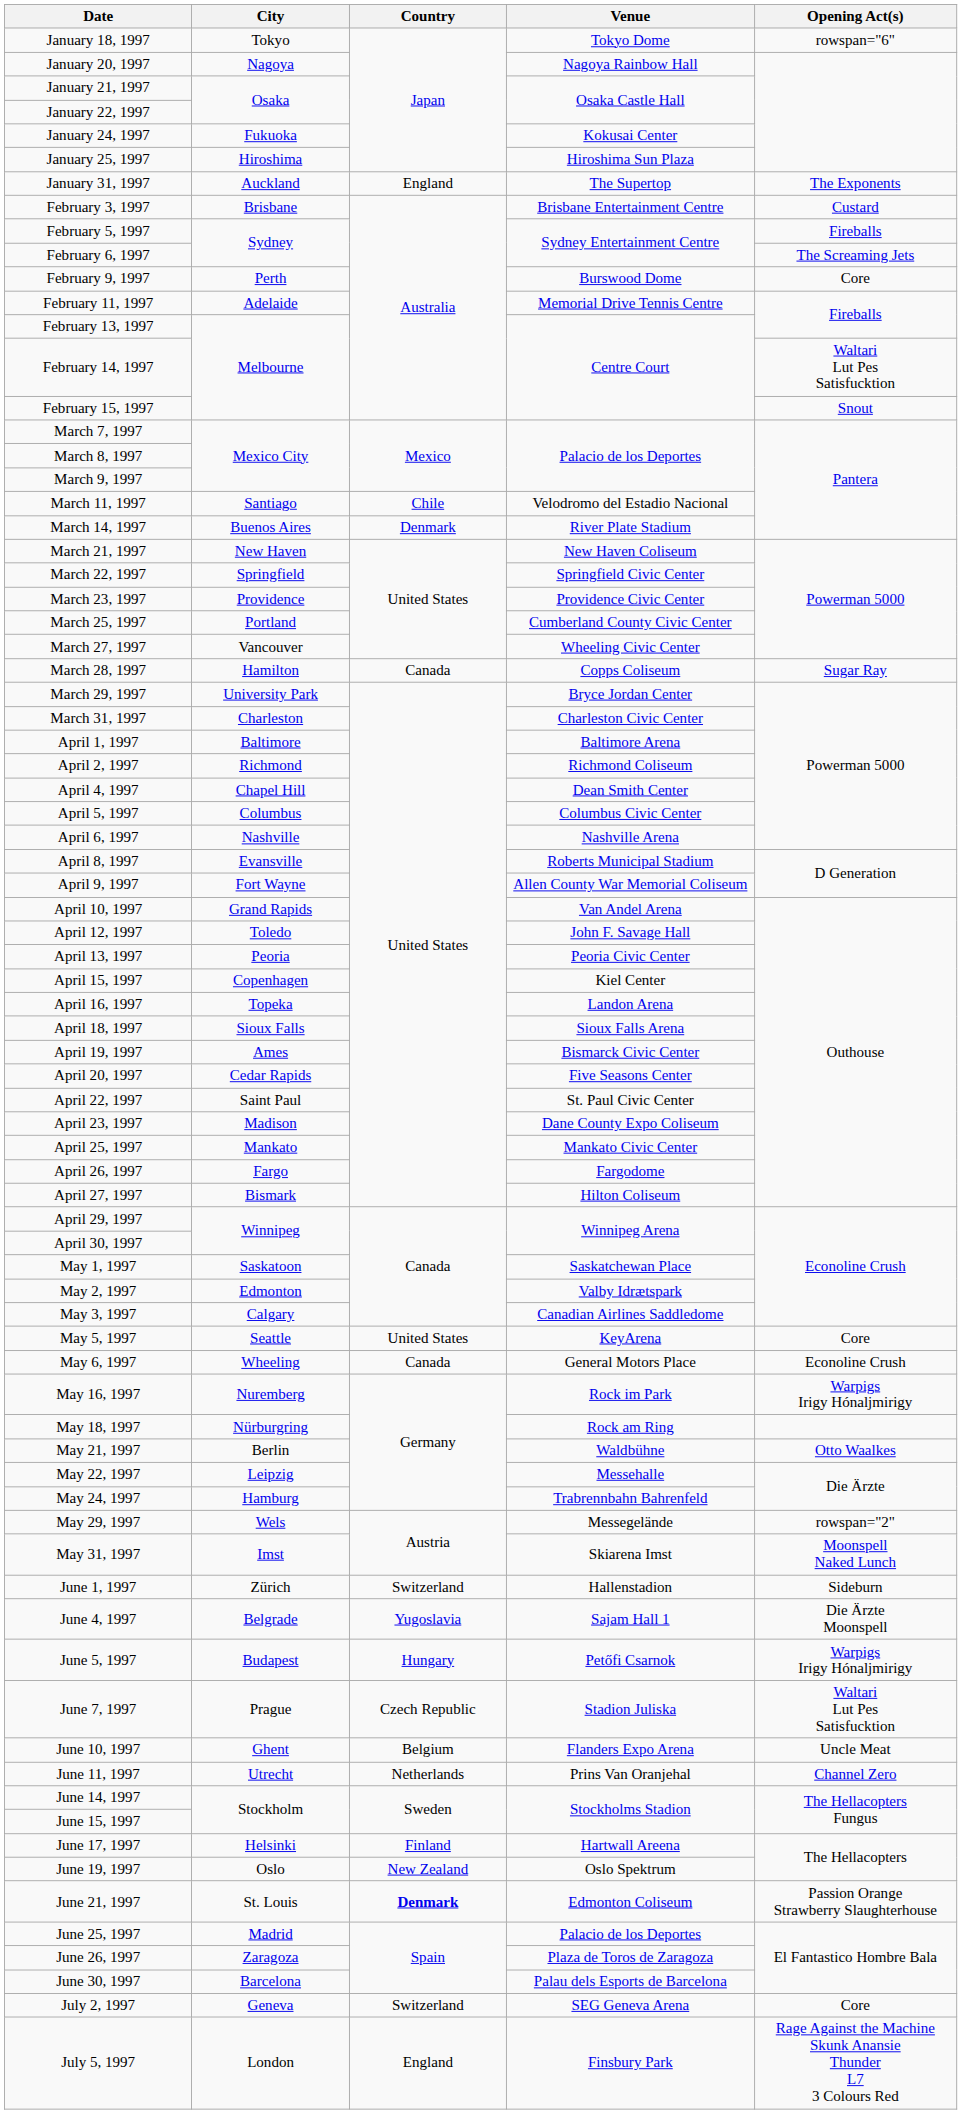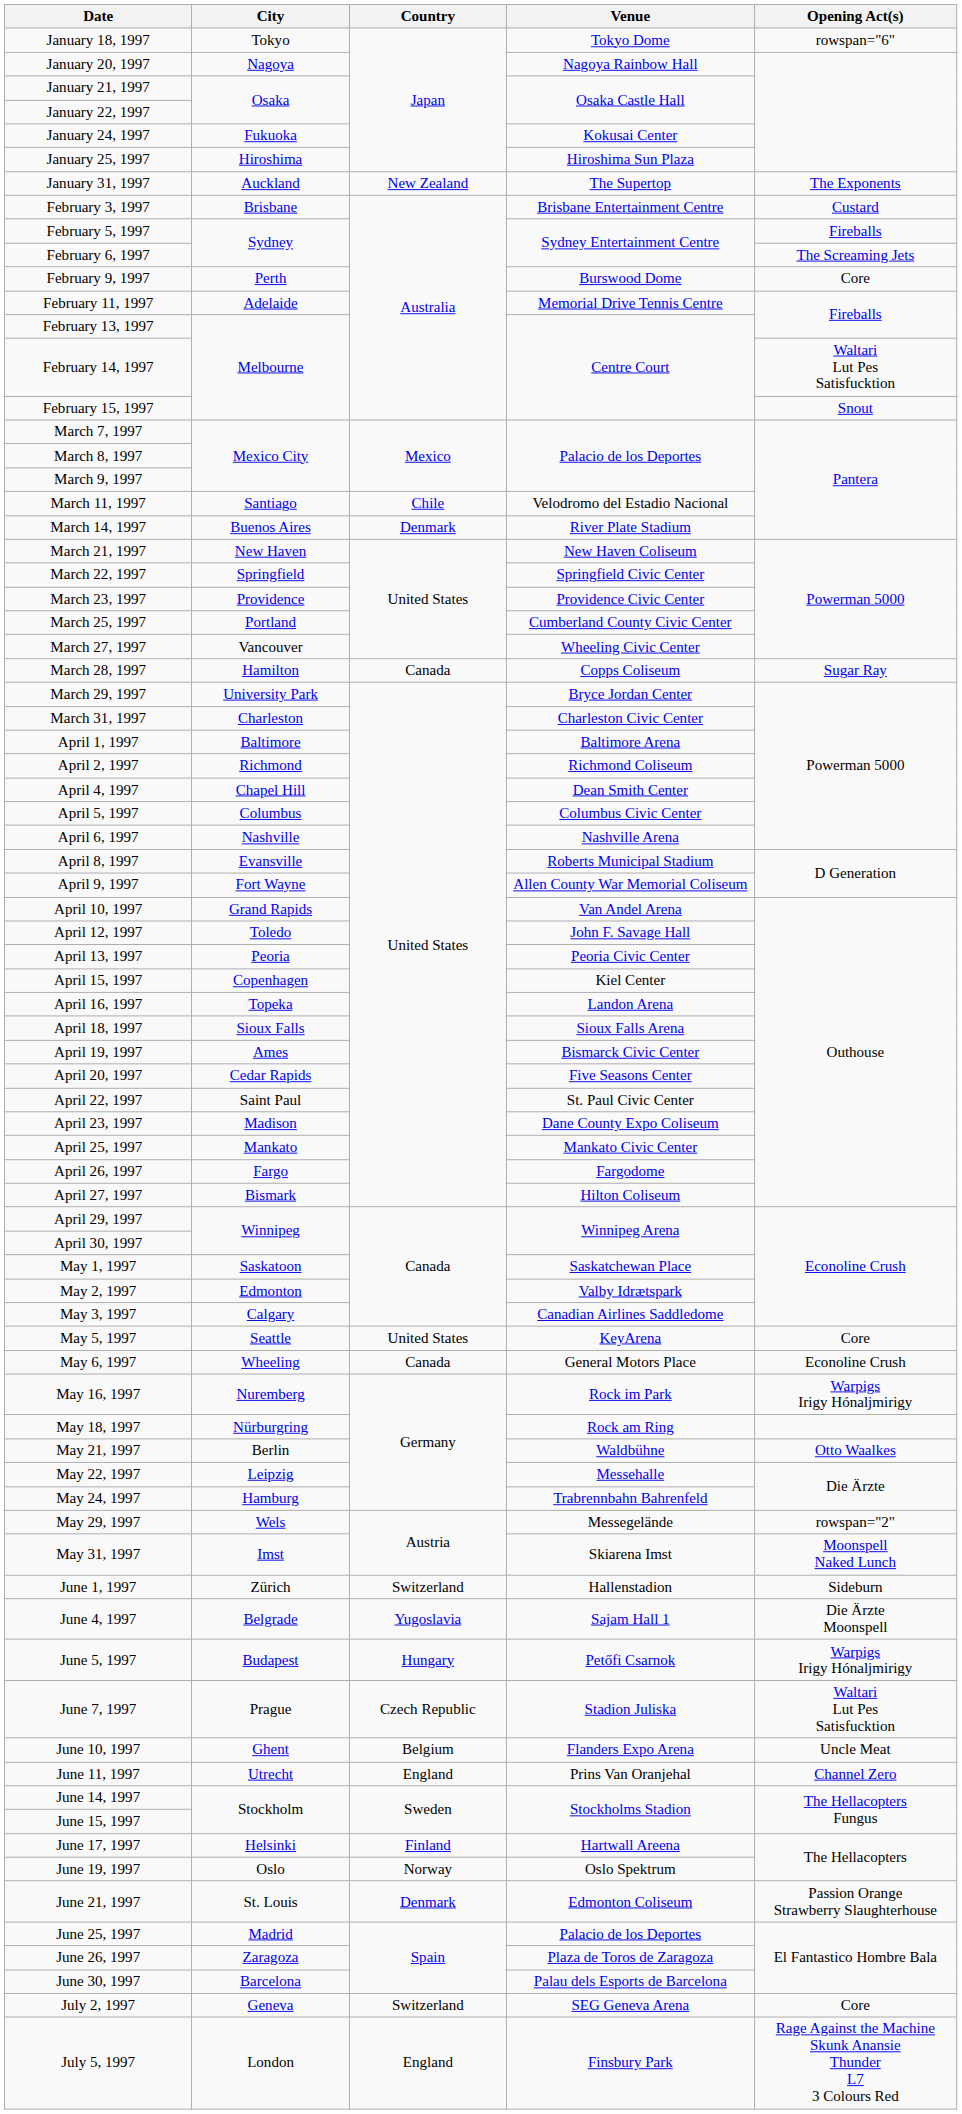 <table class="wikitable plainrowheaders" style="text-align:center;">
 <tr>
 <th scope="col" style="width:12em;">Date</th>
 <th scope="col" style="width:10em;">City</th>
 <th scope="col" style="width:10em;">Country</th>
 <th scope="col" style="width:16em;">Venue</th>
 <th scope="col" style="width:13em;">Opening Act(s)</th>
 </tr>
 <tr>
 <td>January 18, 1997</td>
 <td>Tokyo</td>
 <td rowspan="6"><a href='#'>Japan</a></td>
 <td><a href='#'>Tokyo Dome</a></td>
 <td>rowspan="6" </td>
 </tr>
 <tr>
 <td>January 20, 1997</td>
 <td><a href='#'>Nagoya</a></td>
 <td><a href='#'>Nagoya Rainbow Hall</a></td>
 </tr>
 <tr>
 <td>January 21, 1997</td>
 <td rowspan="2"><a href='#'>Osaka</a></td>
 <td rowspan="2"><a href='#'>Osaka Castle Hall</a></td>
 </tr>
 <tr>
 <td>January 22, 1997</td>
 </tr>
 <tr>
 <td>January 24, 1997</td>
 <td><a href='#'>Fukuoka</a></td>
 <td><a href='#'>Kokusai Center</a></td>
 </tr>
 <tr>
 <td>January 25, 1997</td>
 <td><a href='#'>Hiroshima</a></td>
 <td><a href='#'>Hiroshima Sun Plaza</a></td>
 </tr>
 <tr>
 <td>January 31, 1997</td>
 <td><a href='#'>Auckland</a></td>
-<td>England</td>
+<td><a href='#'>New Zealand</a></td>
 <td><a href='#'>The Supertop</a></td>
 <td><a href='#'>The Exponents</a></td>
 </tr>
 <tr>
 <td>February 3, 1997</td>
 <td><a href='#'>Brisbane</a></td>
 <td rowspan="8"><a href='#'>Australia</a></td>
 <td><a href='#'>Brisbane Entertainment Centre</a></td>
 <td><a href='#'>Custard</a></td>
 </tr>
 <tr>
 <td>February 5, 1997</td>
 <td rowspan="2"><a href='#'>Sydney</a></td>
 <td rowspan="2"><a href='#'>Sydney Entertainment Centre</a></td>
 <td><a href='#'>Fireballs</a></td>
 </tr>
 <tr>
 <td>February 6, 1997</td>
 <td><a href='#'>The Screaming Jets</a></td>
 </tr>
 <tr>
 <td>February 9, 1997</td>
 <td><a href='#'>Perth</a></td>
 <td><a href='#'>Burswood Dome</a></td>
 <td>Core</td>
 </tr>
 <tr>
 <td>February 11, 1997</td>
 <td><a href='#'>Adelaide</a></td>
 <td><a href='#'>Memorial Drive Tennis Centre</a></td>
 <td rowspan="2"><a href='#'>Fireballs</a></td>
 </tr>
 <tr>
 <td>February 13, 1997</td>
 <td rowspan="3"><a href='#'>Melbourne</a></td>
 <td rowspan="3"><a href='#'>Centre Court</a></td>
 </tr>
 <tr>
 <td>February 14, 1997</td>
 <td><a href='#'>Waltari</a><br>Lut Pes<br>Satisfucktion</td>
 </tr>
 <tr>
 <td>February 15, 1997</td>
 <td><a href='#'>Snout</a></td>
 </tr>
 <tr>
 <td>March 7, 1997</td>
 <td rowspan="3"><a href='#'>Mexico City</a></td>
 <td rowspan="3"><a href='#'>Mexico</a></td>
 <td rowspan="3"><a href='#'>Palacio de los Deportes</a></td>
 <td rowspan="5"><a href='#'>Pantera</a></td>
 </tr>
 <tr>
 <td>March 8, 1997</td>
 </tr>
 <tr>
 <td>March 9, 1997</td>
 </tr>
 <tr>
 <td>March 11, 1997</td>
 <td><a href='#'>Santiago</a></td>
 <td><a href='#'>Chile</a></td>
 <td>Velodromo del Estadio Nacional</td>
 </tr>
 <tr>
 <td>March 14, 1997</td>
 <td><a href='#'>Buenos Aires</a></td>
 <td><a href='#'>Denmark</a></td>
 <td><a href='#'>River Plate Stadium</a></td>
 </tr>
 <tr>
 <td>March 21, 1997</td>
 <td><a href='#'>New Haven</a></td>
 <td rowspan="5">United States</td>
 <td><a href='#'>New Haven Coliseum</a></td>
 <td rowspan="5"><a href='#'>Powerman 5000</a></td>
 </tr>
 <tr>
 <td>March 22, 1997</td>
 <td><a href='#'>Springfield</a></td>
 <td><a href='#'>Springfield Civic Center</a></td>
 </tr>
 <tr>
 <td>March 23, 1997</td>
 <td><a href='#'>Providence</a></td>
 <td><a href='#'>Providence Civic Center</a></td>
 </tr>
 <tr>
 <td>March 25, 1997</td>
 <td><a href='#'>Portland</a></td>
 <td><a href='#'>Cumberland County Civic Center</a></td>
 </tr>
 <tr>
 <td>March 27, 1997</td>
 <td>Vancouver</td>
 <td><a href='#'>Wheeling Civic Center</a></td>
 </tr>
 <tr>
 <td>March 28, 1997</td>
 <td><a href='#'>Hamilton</a></td>
 <td>Canada</td>
 <td><a href='#'>Copps Coliseum</a></td>
 <td><a href='#'>Sugar Ray</a></td>
 </tr>
 <tr>
 <td>March 29, 1997</td>
 <td><a href='#'>University Park</a></td>
 <td rowspan="22">United States</td>
 <td><a href='#'>Bryce Jordan Center</a></td>
 <td rowspan="7">Powerman 5000</td>
 </tr>
 <tr>
 <td>March 31, 1997</td>
 <td><a href='#'>Charleston</a></td>
 <td><a href='#'>Charleston Civic Center</a></td>
 </tr>
 <tr>
 <td>April 1, 1997</td>
 <td><a href='#'>Baltimore</a></td>
 <td><a href='#'>Baltimore Arena</a></td>
 </tr>
 <tr>
 <td>April 2, 1997</td>
 <td><a href='#'>Richmond</a></td>
 <td><a href='#'>Richmond Coliseum</a></td>
 </tr>
 <tr>
 <td>April 4, 1997</td>
 <td><a href='#'>Chapel Hill</a></td>
 <td><a href='#'>Dean Smith Center</a></td>
 </tr>
 <tr>
 <td>April 5, 1997</td>
 <td><a href='#'>Columbus</a></td>
 <td><a href='#'>Columbus Civic Center</a></td>
 </tr>
 <tr>
 <td>April 6, 1997</td>
 <td><a href='#'>Nashville</a></td>
 <td><a href='#'>Nashville Arena</a></td>
 </tr>
 <tr>
 <td>April 8, 1997</td>
 <td><a href='#'>Evansville</a></td>
 <td><a href='#'>Roberts Municipal Stadium</a></td>
 <td rowspan="2">D Generation</td>
 </tr>
 <tr>
 <td>April 9, 1997</td>
 <td><a href='#'>Fort Wayne</a></td>
 <td><a href='#'>Allen County War Memorial Coliseum</a></td>
 </tr>
 <tr>
 <td>April 10, 1997</td>
 <td><a href='#'>Grand Rapids</a></td>
 <td><a href='#'>Van Andel Arena</a></td>
 <td rowspan="13">Outhouse</td>
 </tr>
 <tr>
 <td>April 12, 1997</td>
 <td><a href='#'>Toledo</a></td>
 <td><a href='#'>John F. Savage Hall</a></td>
 </tr>
 <tr>
 <td>April 13, 1997</td>
 <td><a href='#'>Peoria</a></td>
 <td><a href='#'>Peoria Civic Center</a></td>
 </tr>
 <tr>
 <td>April 15, 1997</td>
 <td><a href='#'>Copenhagen</a></td>
 <td>Kiel Center</td>
 </tr>
 <tr>
 <td>April 16, 1997</td>
 <td><a href='#'>Topeka</a></td>
 <td><a href='#'>Landon Arena</a></td>
 </tr>
 <tr>
 <td>April 18, 1997</td>
 <td><a href='#'>Sioux Falls</a></td>
 <td><a href='#'>Sioux Falls Arena</a></td>
 </tr>
 <tr>
 <td>April 19, 1997</td>
 <td><a href='#'>Ames</a></td>
 <td><a href='#'>Bismarck Civic Center</a></td>
 </tr>
 <tr>
 <td>April 20, 1997</td>
 <td><a href='#'>Cedar Rapids</a></td>
 <td><a href='#'>Five Seasons Center</a></td>
 </tr>
 <tr>
 <td>April 22, 1997</td>
 <td>Saint Paul</td>
 <td>St. Paul Civic Center</td>
 </tr>
 <tr>
 <td>April 23, 1997</td>
 <td><a href='#'>Madison</a></td>
 <td><a href='#'>Dane County Expo Coliseum</a></td>
 </tr>
 <tr>
 <td>April 25, 1997</td>
 <td><a href='#'>Mankato</a></td>
 <td><a href='#'>Mankato Civic Center</a></td>
 </tr>
 <tr>
 <td>April 26, 1997</td>
 <td><a href='#'>Fargo</a></td>
 <td><a href='#'>Fargodome</a></td>
 </tr>
 <tr>
 <td>April 27, 1997</td>
 <td><a href='#'>Bismark</a></td>
 <td><a href='#'>Hilton Coliseum</a></td>
 </tr>
 <tr>
 <td>April 29, 1997</td>
 <td rowspan="2"><a href='#'>Winnipeg</a></td>
 <td rowspan="5">Canada</td>
 <td rowspan="2"><a href='#'>Winnipeg Arena</a></td>
 <td rowspan="5"><a href='#'>Econoline Crush</a></td>
 </tr>
 <tr>
 <td>April 30, 1997</td>
 </tr>
 <tr>
 <td>May 1, 1997</td>
 <td><a href='#'>Saskatoon</a></td>
 <td><a href='#'>Saskatchewan Place</a></td>
 </tr>
 <tr>
 <td>May 2, 1997</td>
 <td><a href='#'>Edmonton</a></td>
 <td><a href='#'>Valby Idrætspark</a></td>
 </tr>
 <tr>
 <td>May 3, 1997</td>
 <td><a href='#'>Calgary</a></td>
 <td><a href='#'>Canadian Airlines Saddledome</a></td>
 </tr>
 <tr>
 <td>May 5, 1997</td>
 <td><a href='#'>Seattle</a></td>
 <td>United States</td>
 <td><a href='#'>KeyArena</a></td>
 <td>Core</td>
 </tr>
 <tr>
 <td>May 6, 1997</td>
 <td><a href='#'>Wheeling</a></td>
 <td>Canada</td>
 <td>General Motors Place</td>
 <td>Econoline Crush</td>
 </tr>
 <tr>
 <td>May 16, 1997</td>
 <td><a href='#'>Nuremberg</a></td>
 <td rowspan="5">Germany</td>
 <td><a href='#'>Rock im Park</a></td>
 <td><a href='#'>Warpigs</a><br>Irigy Hónaljmirigy</td>
 </tr>
 <tr>
 <td>May 18, 1997</td>
 <td><a href='#'>Nürburgring</a></td>
 <td><a href='#'>Rock am Ring</a></td>
 </tr>
 <tr>
 <td>May 21, 1997</td>
 <td>Berlin</td>
 <td><a href='#'>Waldbühne</a></td>
 <td><a href='#'>Otto Waalkes</a></td>
 </tr>
 <tr>
 <td>May 22, 1997</td>
 <td><a href='#'>Leipzig</a></td>
 <td><a href='#'>Messehalle</a></td>
 <td rowspan="2">Die Ärzte</td>
 </tr>
 <tr>
 <td>May 24, 1997</td>
 <td><a href='#'>Hamburg</a></td>
 <td><a href='#'>Trabrennbahn Bahrenfeld</a></td>
 </tr>
 <tr>
 <td>May 29, 1997</td>
 <td><a href='#'>Wels</a></td>
 <td rowspan="2">Austria</td>
 <td>Messegelände</td>
 <td>rowspan="2" </td>
 </tr>
 <tr>
 <td>May 31, 1997</td>
 <td><a href='#'>Imst</a></td>
 <td>Skiarena Imst</td>
 <td><a href='#'>Moonspell</a><br><a href='#'>Naked Lunch</a></td>
 </tr>
 <tr>
 <td>June 1, 1997</td>
 <td>Zürich</td>
 <td>Switzerland</td>
 <td>Hallenstadion</td>
 <td>Sideburn</td>
 </tr>
 <tr>
 <td>June 4, 1997</td>
 <td><a href='#'>Belgrade</a></td>
 <td><a href='#'>Yugoslavia</a></td>
 <td><a href='#'>Sajam Hall 1</a></td>
 <td>Die Ärzte<br>Moonspell</td>
 </tr>
 <tr>
 <td>June 5, 1997</td>
 <td><a href='#'>Budapest</a></td>
 <td><a href='#'>Hungary</a></td>
 <td><a href='#'>Petőfi Csarnok</a></td>
 <td><a href='#'>Warpigs</a><br>Irigy Hónaljmirigy</td>
 </tr>
 <tr>
 <td>June 7, 1997</td>
 <td>Prague</td>
 <td>Czech Republic</td>
 <td><a href='#'>Stadion Juliska</a></td>
 <td><a href='#'>Waltari</a><br>Lut Pes<br>Satisfucktion</td>
 </tr>
 <tr>
 <td>June 10, 1997</td>
 <td><a href='#'>Ghent</a></td>
 <td>Belgium</td>
 <td><a href='#'>Flanders Expo Arena</a></td>
 <td>Uncle Meat</td>
 </tr>
 <tr>
 <td>June 11, 1997</td>
 <td><a href='#'>Utrecht</a></td>
-<td>Netherlands</td>
+<td>England</td>
 <td>Prins Van Oranjehal</td>
 <td><a href='#'>Channel Zero</a></td>
 </tr>
 <tr>
 <td>June 14, 1997</td>
 <td rowspan="2">Stockholm</td>
 <td rowspan="2">Sweden</td>
 <td rowspan="2"><a href='#'>Stockholms Stadion</a></td>
 <td rowspan="2"><a href='#'>The Hellacopters</a><br>Fungus</td>
 </tr>
 <tr>
 <td>June 15, 1997</td>
 </tr>
 <tr>
 <td>June 17, 1997</td>
 <td><a href='#'>Helsinki</a></td>
 <td><a href='#'>Finland</a></td>
 <td><a href='#'>Hartwall Areena</a></td>
 <td rowspan="2">The Hellacopters</td>
 </tr>
 <tr>
 <td>June 19, 1997</td>
 <td>Oslo</td>
-<td><a href='#'>New Zealand</a></td>
+<td>Norway</td>
 <td>Oslo Spektrum</td>
 </tr>
 <tr>
 <td>June 21, 1997</td>
 <td>St. Louis</td>
-<td><strong><a href='#'>Denmark</a></strong></td>
+<td><a href='#'>Denmark</a></td>
 <td><a href='#'>Edmonton Coliseum</a></td>
 <td>Passion Orange<br>Strawberry Slaughterhouse</td>
 </tr>
 <tr>
 <td>June 25, 1997</td>
 <td><a href='#'>Madrid</a></td>
 <td rowspan="3"><a href='#'>Spain</a></td>
 <td><a href='#'>Palacio de los Deportes</a></td>
 <td rowspan="3">El Fantastico Hombre Bala</td>
 </tr>
 <tr>
 <td>June 26, 1997</td>
 <td><a href='#'>Zaragoza</a></td>
 <td><a href='#'>Plaza de Toros de Zaragoza</a></td>
 </tr>
 <tr>
 <td>June 30, 1997</td>
 <td><a href='#'>Barcelona</a></td>
 <td><a href='#'>Palau dels Esports de Barcelona</a></td>
 </tr>
 <tr>
 <td>July 2, 1997</td>
 <td><a href='#'>Geneva</a></td>
 <td>Switzerland</td>
 <td><a href='#'>SEG Geneva Arena</a></td>
 <td>Core</td>
 </tr>
 <tr>
 <td>July 5, 1997</td>
 <td>London</td>
 <td>England</td>
 <td><a href='#'>Finsbury Park</a></td>
 <td><a href='#'>Rage Against the Machine</a><br><a href='#'>Skunk Anansie</a><br><a href='#'>Thunder</a><br><a href='#'>L7</a><br>3 Colours Red</td>
 </tr>
 </table>
